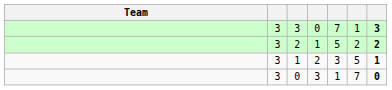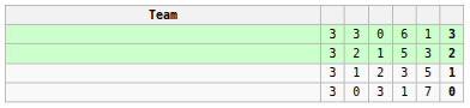 <table class=wikitable style="text-align:center">
 <tr>
 <th width=340>Team</th>
 <th width=20></th>
 <th width=20></th>
 <th width=20></th>
 <th width=20></th>
 <th width=20></th>
 <th width=20></th>
 </tr>
 <tr bgcolor=ccffcc>
 <td style="text-align:left"></td>
 <td>3</td>
 <td>3</td>
 <td>0</td>
-<td>7</td>
+<td>6</td>
 <td>1</td>
 <td><strong>3</strong></td>
 </tr>
 <tr bgcolor=ccffcc>
 <td style="text-align:left"></td>
 <td>3</td>
 <td>2</td>
 <td>1</td>
 <td>5</td>
-<td>2</td>
+<td>3</td>
 <td><strong>2</strong></td>
 </tr>
 <tr>
 <td style="text-align:left"></td>
 <td>3</td>
 <td>1</td>
 <td>2</td>
 <td>3</td>
 <td>5</td>
 <td><strong>1</strong></td>
 </tr>
 <tr>
 <td style="text-align:left"></td>
 <td>3</td>
 <td>0</td>
 <td>3</td>
 <td>1</td>
 <td>7</td>
 <td><strong>0</strong></td>
 </tr>
 </table>
